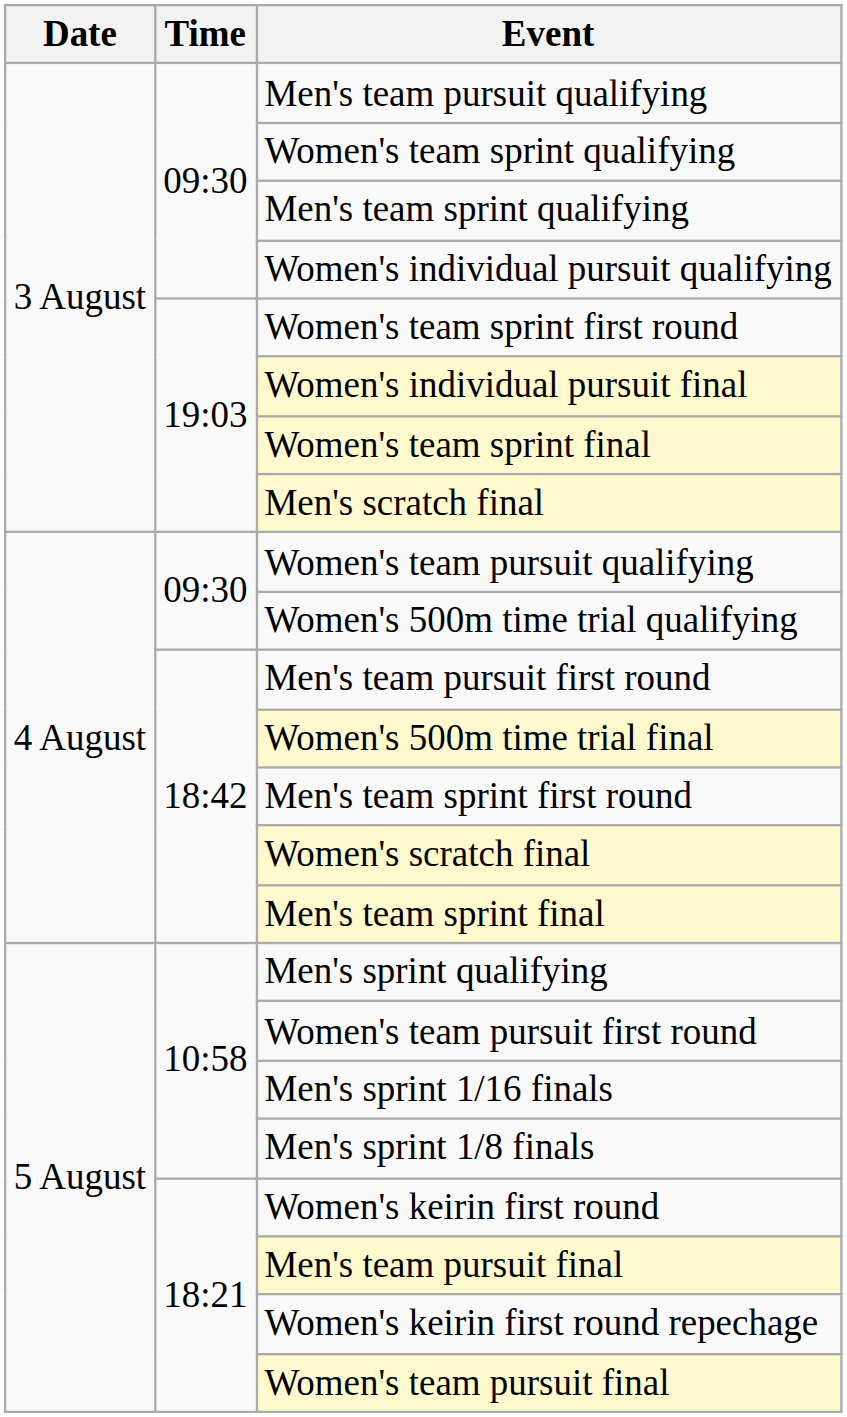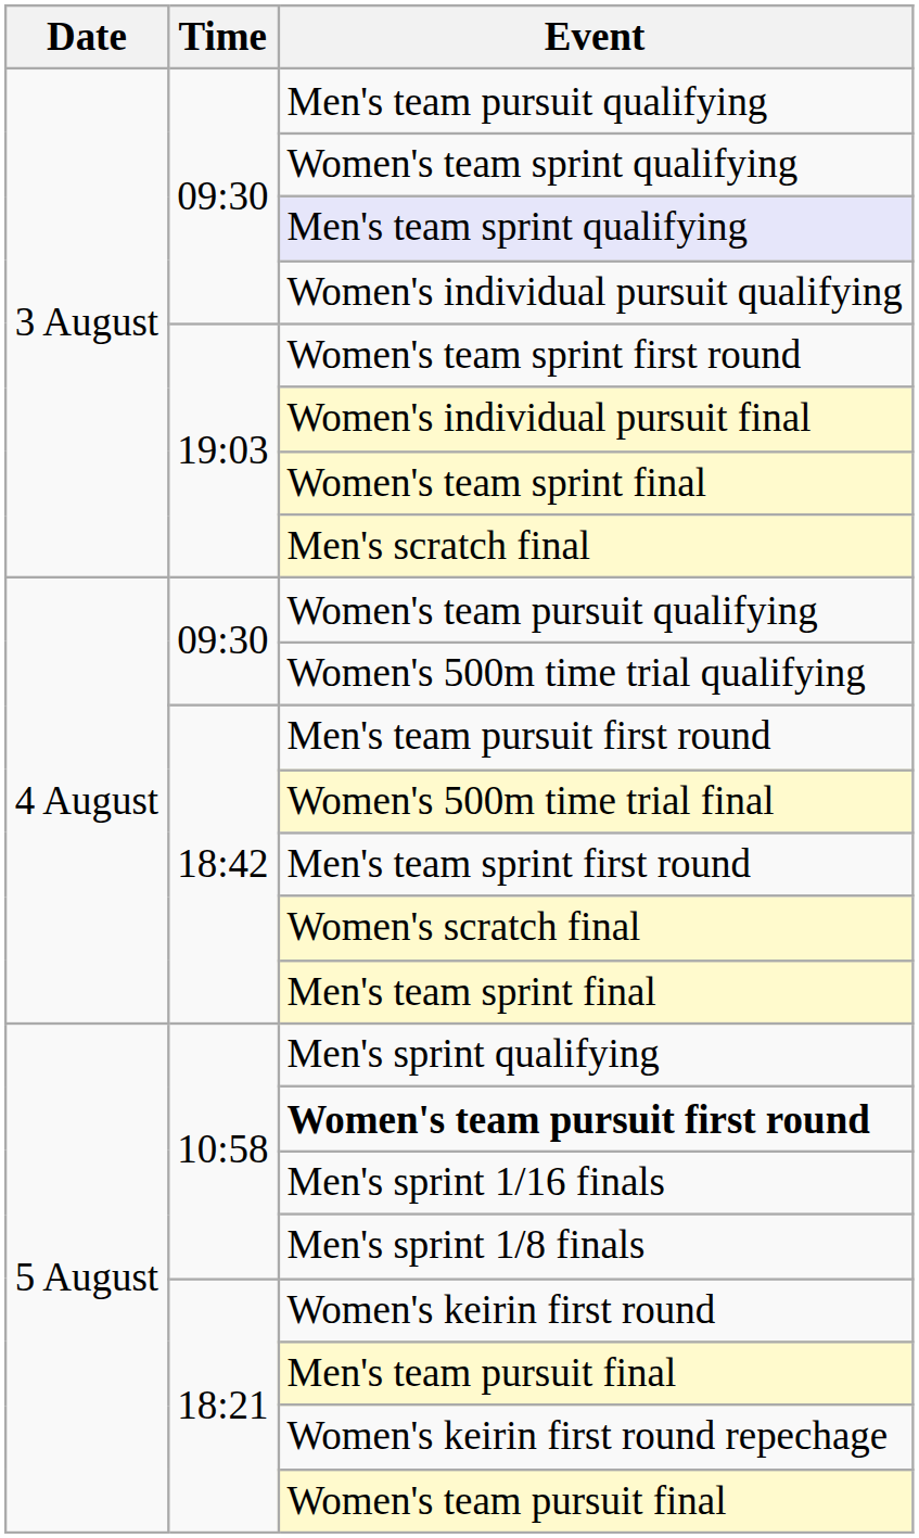 <table class="wikitable">
 <tr>
 <th>Date</th>
 <th>Time</th>
 <th>Event</th>
 </tr>
 <tr>
 <td rowspan=8>3 August</td>
 <td rowspan=4>09:30</td>
 <td>Men's team pursuit qualifying</td>
 </tr>
 <tr>
 <td>Women's team sprint qualifying</td>
 </tr>
 <tr>
-<td>Men's team sprint qualifying</td>
+<td style="background: lavender;">Men's team sprint qualifying</td>
 </tr>
 <tr>
 <td>Women's individual pursuit qualifying</td>
 </tr>
 <tr>
 <td rowspan=4>19:03</td>
 <td>Women's team sprint first round</td>
 </tr>
 <tr>
 <td style="background:lemonchiffon">Women's individual pursuit final</td>
 </tr>
 <tr>
 <td style="background:lemonchiffon">Women's team sprint final</td>
 </tr>
 <tr>
 <td style="background:lemonchiffon">Men's scratch final</td>
 </tr>
 <tr>
 <td rowspan=7>4 August</td>
 <td rowspan=2>09:30</td>
 <td>Women's team pursuit qualifying</td>
 </tr>
 <tr>
 <td>Women's 500m time trial qualifying</td>
 </tr>
 <tr>
 <td rowspan=5>18:42</td>
 <td>Men's team pursuit first round</td>
 </tr>
 <tr>
 <td style="background:lemonchiffon">Women's 500m time trial final</td>
 </tr>
 <tr>
 <td>Men's team sprint first round</td>
 </tr>
 <tr>
 <td style="background:lemonchiffon">Women's scratch final</td>
 </tr>
 <tr>
 <td style="background:lemonchiffon">Men's team sprint final</td>
 </tr>
 <tr>
 <td rowspan=8>5 August</td>
 <td rowspan=4>10:58</td>
 <td>Men's sprint qualifying</td>
 </tr>
 <tr>
-<td>Women's team pursuit first round</td>
+<td><strong>Women's team pursuit first round</strong></td>
 </tr>
 <tr>
 <td>Men's sprint 1/16 finals</td>
 </tr>
 <tr>
 <td>Men's sprint 1/8 finals</td>
 </tr>
 <tr>
 <td rowspan=4>18:21</td>
 <td>Women's keirin first round</td>
 </tr>
 <tr>
 <td style="background:lemonchiffon">Men's team pursuit final</td>
 </tr>
 <tr>
 <td>Women's keirin first round repechage</td>
 </tr>
 <tr>
 <td style="background:lemonchiffon">Women's team pursuit final</td>
 </tr>
 </table>
